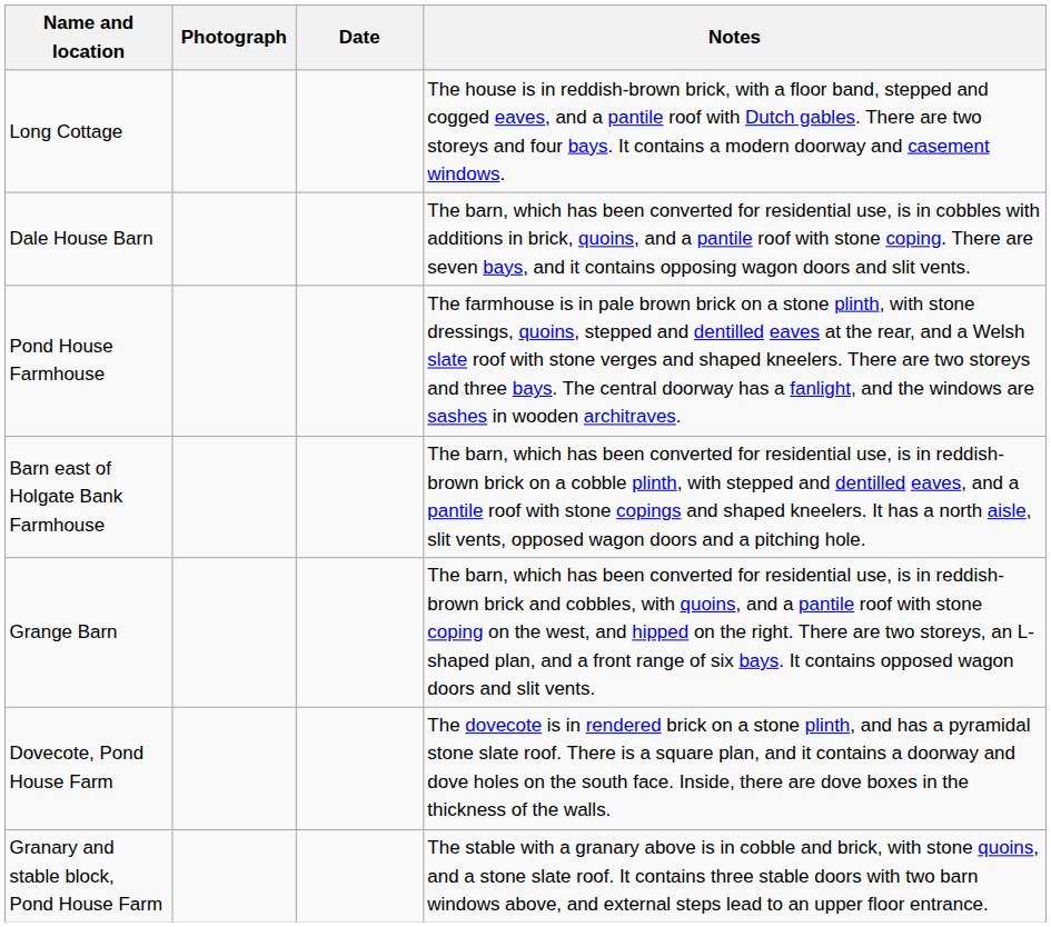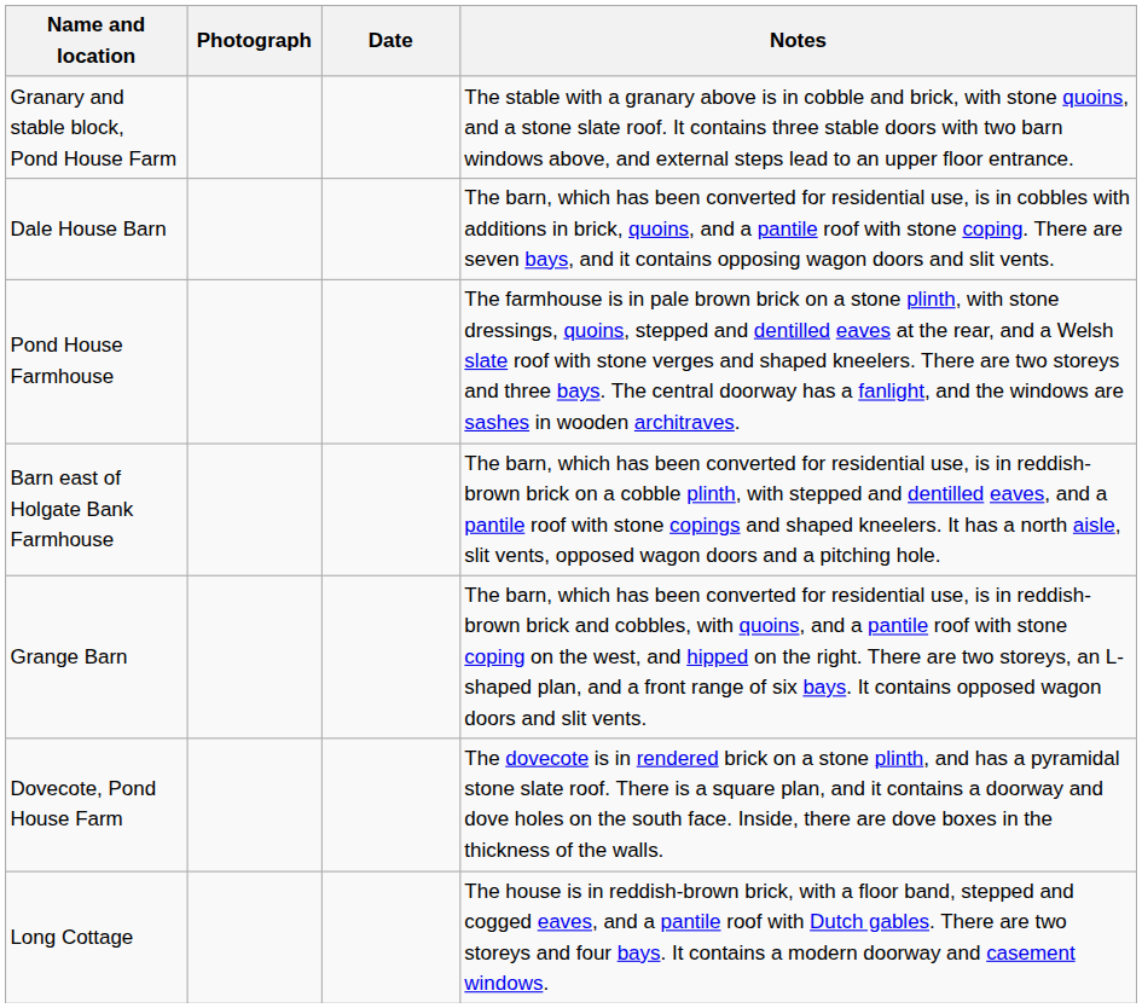 <table class="wikitable sortable plainrowheaders" style="width:100%;border:0px;text-align:left;line-height:150%;">
 <tr>
 <th scope="col"  style="width:150px">Name and location</th>
 <th scope="col"  style="width:100px" class="unsortable">Photograph</th>
 <th scope="col"  style="width:120px">Date</th>
 <th scope="col"  style="width:650px" class="unsortable">Notes</th>
 </tr>
 <tr>
-<td>Long Cottage<br><small></small></td>
+<td>Granary and stable block,<br>Pond House Farm<br><small></small></td>
 <td></td>
 <td align="center"></td>
-<td>The house is in reddish-brown brick, with a floor band, stepped and cogged <a href='#'>eaves</a>, and a <a href='#'>pantile</a> roof with <a href='#'>Dutch gables</a>.  There are two storeys and four <a href='#'>bays</a>.  It contains a modern doorway and <a href='#'>casement windows</a>.</td>
+<td>The stable with a granary above is in cobble and brick, with stone <a href='#'>quoins</a>, and a stone slate roof.  It contains three stable doors with two barn windows above, and external steps lead to an upper floor entrance.</td>
 </tr>
 <tr>
 <td>Dale House Barn<br><small></small></td>
 <td></td>
 <td align="center"></td>
 <td>The barn, which has been converted for residential use, is in cobbles with additions in brick, <a href='#'>quoins</a>, and a <a href='#'>pantile</a> roof with stone <a href='#'>coping</a>.  There are seven <a href='#'>bays</a>, and it contains opposing wagon doors and slit vents.</td>
 </tr>
 <tr>
 <td>Pond House Farmhouse<br><small></small></td>
 <td></td>
 <td align="center"></td>
 <td>The farmhouse is in pale brown brick on a stone <a href='#'>plinth</a>, with stone dressings, <a href='#'>quoins</a>, stepped and <a href='#'>dentilled</a> <a href='#'>eaves</a> at the rear, and a Welsh <a href='#'>slate</a> roof with stone verges and shaped kneelers.  There are two storeys and three <a href='#'>bays</a>.   The central doorway has a <a href='#'>fanlight</a>, and the windows are <a href='#'>sashes</a> in wooden <a href='#'>architraves</a>.</td>
 </tr>
 <tr>
 <td>Barn east of Holgate Bank Farmhouse<br><small></small></td>
 <td></td>
 <td align="center"></td>
 <td>The barn, which has been converted for residential use, is in reddish-brown brick on a cobble <a href='#'>plinth</a>, with stepped and <a href='#'>dentilled</a> <a href='#'>eaves</a>, and a <a href='#'>pantile</a> roof with stone <a href='#'>copings</a> and shaped kneelers.  It has a north <a href='#'>aisle</a>, slit vents, opposed wagon doors and a pitching hole.</td>
 </tr>
 <tr>
 <td>Grange Barn<br><small></small></td>
 <td></td>
 <td align="center"></td>
 <td>The barn, which has been converted for residential use, is in reddish-brown brick and cobbles, with <a href='#'>quoins</a>, and a <a href='#'>pantile</a> roof with stone <a href='#'>coping</a> on the west, and <a href='#'>hipped</a> on the right.  There are two storeys, an L-shaped plan, and a front range of six <a href='#'>bays</a>.  It contains opposed wagon doors and slit vents.</td>
 </tr>
 <tr>
 <td>Dovecote, Pond House Farm<br><small></small></td>
 <td></td>
 <td align="center"></td>
 <td>The <a href='#'>dovecote</a> is in <a href='#'>rendered</a> brick on a stone <a href='#'>plinth</a>, and has a pyramidal stone slate roof.  There is a square plan, and it contains a doorway and dove holes on the south face.  Inside, there are dove boxes in the thickness of the walls.</td>
 </tr>
 <tr>
-<td>Granary and stable block,<br>Pond House Farm<br><small></small></td>
+<td>Long Cottage<br><small></small></td>
 <td></td>
 <td align="center"></td>
-<td>The stable with a granary above is in cobble and brick, with stone <a href='#'>quoins</a>, and a stone slate roof.  It contains three stable doors with two barn windows above, and external steps lead to an upper floor entrance.</td>
+<td>The house is in reddish-brown brick, with a floor band, stepped and cogged <a href='#'>eaves</a>, and a <a href='#'>pantile</a> roof with <a href='#'>Dutch gables</a>.  There are two storeys and four <a href='#'>bays</a>.  It contains a modern doorway and <a href='#'>casement windows</a>.</td>
 </tr>
 <tr>
 </tr>
 </table>
